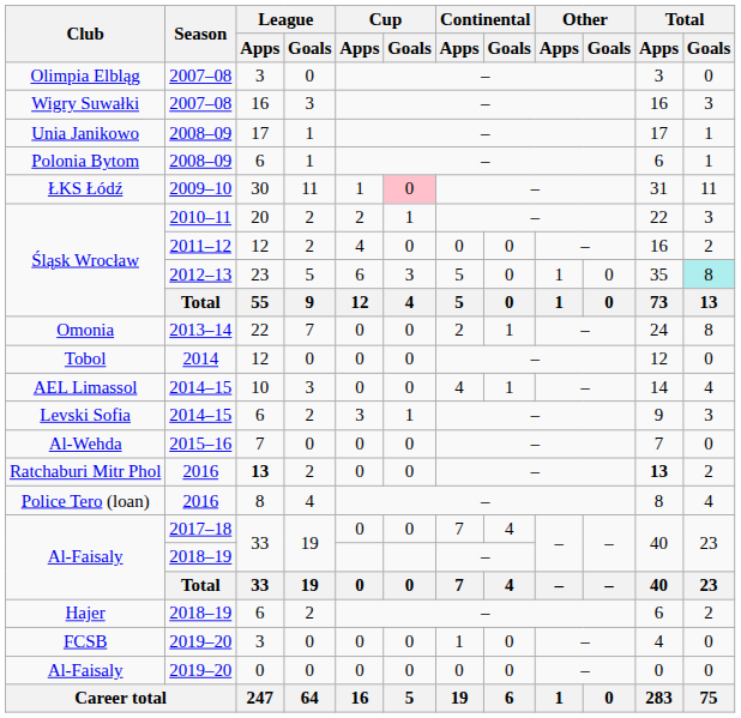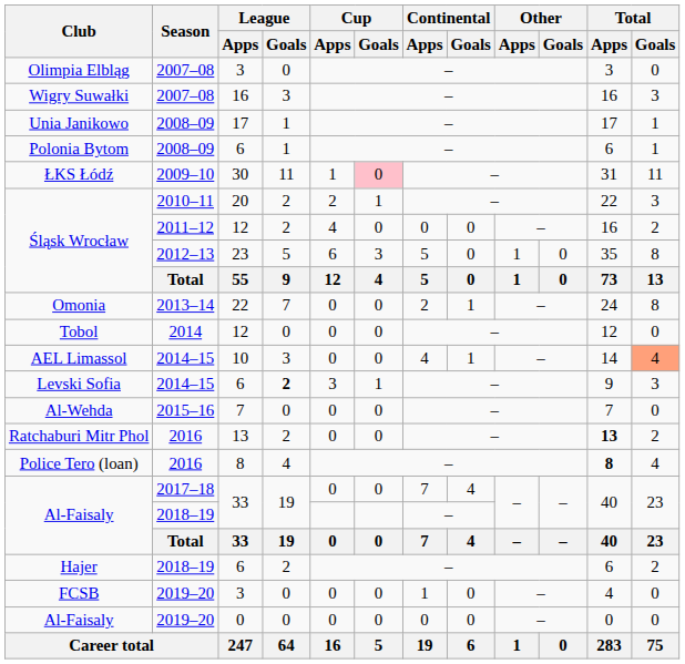 <table class="wikitable" style="text-align:center">
 <tr>
 <th rowspan="2">Club</th>
 <th rowspan="2">Season</th>
 <th colspan="2">League</th>
 <th colspan="2">Cup</th>
 <th colspan="2">Continental</th>
 <th colspan="2">Other</th>
 <th colspan="3">Total</th>
 </tr>
 <tr>
 <th>Apps</th>
 <th>Goals</th>
 <th>Apps</th>
 <th>Goals</th>
 <th>Apps</th>
 <th>Goals</th>
 <th>Apps</th>
 <th>Goals</th>
 <th>Apps</th>
 <th>Goals</th>
 </tr>
 <tr>
 <td rowspan="1"><a href='#'>Olimpia Elbląg</a></td>
 <td><a href='#'>2007–08</a></td>
 <td>3</td>
 <td>0</td>
 <td colspan="6">–</td>
 <td>3</td>
 <td>0</td>
 </tr>
 <tr>
 <td rowspan="1"><a href='#'>Wigry Suwałki</a></td>
 <td><a href='#'>2007–08</a></td>
 <td>16</td>
 <td>3</td>
 <td colspan="6">–</td>
 <td>16</td>
 <td>3</td>
 </tr>
 <tr>
 <td rowspan="1"><a href='#'>Unia Janikowo</a></td>
 <td><a href='#'>2008–09</a></td>
 <td>17</td>
 <td>1</td>
 <td colspan="6">–</td>
 <td>17</td>
 <td>1</td>
 </tr>
 <tr>
 <td rowspan="1"><a href='#'>Polonia Bytom</a></td>
 <td><a href='#'>2008–09</a></td>
 <td>6</td>
 <td>1</td>
 <td colspan="6">–</td>
 <td>6</td>
 <td>1</td>
 </tr>
 <tr>
 <td rowspan="1"><a href='#'>ŁKS Łódź</a></td>
 <td><a href='#'>2009–10</a></td>
 <td>30</td>
 <td>11</td>
 <td>1</td>
 <td style="background: pink;">0</td>
 <td colspan="4">–</td>
 <td>31</td>
 <td>11</td>
 </tr>
 <tr>
 <td rowspan="4"><a href='#'>Śląsk Wrocław</a></td>
 <td><a href='#'>2010–11</a></td>
 <td>20</td>
 <td>2</td>
 <td>2</td>
 <td>1</td>
 <td colspan="4">–</td>
 <td>22</td>
 <td>3</td>
 </tr>
 <tr>
 <td><a href='#'>2011–12</a></td>
 <td>12</td>
 <td>2</td>
 <td>4</td>
 <td>0</td>
 <td>0</td>
 <td>0</td>
 <td colspan="2">–</td>
 <td>16</td>
 <td>2</td>
 </tr>
 <tr>
 <td><a href='#'>2012–13</a></td>
 <td>23</td>
 <td>5</td>
 <td>6</td>
 <td>3</td>
 <td>5</td>
 <td>0</td>
 <td>1</td>
 <td>0</td>
 <td>35</td>
-<td style="background: paleturquoise;">8</td>
+<td>8</td>
 </tr>
 <tr>
 <th>Total</th>
 <th>55</th>
 <th>9</th>
 <th>12</th>
 <th>4</th>
 <th>5</th>
 <th>0</th>
 <th>1</th>
 <th>0</th>
 <th>73</th>
 <th>13</th>
 </tr>
 <tr>
 <td rowspan="1"><a href='#'>Omonia</a></td>
 <td><a href='#'>2013–14</a></td>
 <td>22</td>
 <td>7</td>
 <td>0</td>
 <td>0</td>
 <td>2</td>
 <td>1</td>
 <td colspan="2">–</td>
 <td>24</td>
 <td>8</td>
 </tr>
 <tr>
 <td rowspan="1"><a href='#'>Tobol</a></td>
 <td><a href='#'>2014</a></td>
 <td>12</td>
 <td>0</td>
 <td>0</td>
 <td>0</td>
 <td colspan="4">–</td>
 <td>12</td>
 <td>0</td>
 </tr>
 <tr>
 <td rowspan="1"><a href='#'>AEL Limassol</a></td>
 <td><a href='#'>2014–15</a></td>
 <td>10</td>
 <td>3</td>
 <td>0</td>
 <td>0</td>
 <td>4</td>
 <td>1</td>
 <td colspan="2">–</td>
 <td>14</td>
-<td>4</td>
+<td style="background: lightsalmon;">4</td>
 </tr>
 <tr>
 <td rowspan="1"><a href='#'>Levski Sofia</a></td>
 <td><a href='#'>2014–15</a></td>
 <td>6</td>
-<td>2</td>
+<td><strong>2</strong></td>
 <td>3</td>
 <td>1</td>
 <td colspan="4">–</td>
 <td>9</td>
 <td>3</td>
 </tr>
 <tr>
 <td rowspan="1"><a href='#'>Al-Wehda</a></td>
 <td><a href='#'>2015–16</a></td>
 <td>7</td>
 <td>0</td>
 <td>0</td>
 <td>0</td>
 <td colspan="4">–</td>
 <td>7</td>
 <td>0</td>
 </tr>
 <tr>
 <td rowspan="1"><a href='#'>Ratchaburi Mitr Phol</a></td>
 <td><a href='#'>2016</a></td>
-<td><strong>13</strong></td>
+<td>13</td>
 <td>2</td>
 <td>0</td>
 <td>0</td>
 <td colspan="4">–</td>
 <td><strong>13</strong></td>
 <td>2</td>
 </tr>
 <tr>
 <td rowspan="1"><a href='#'>Police Tero</a> (loan)</td>
 <td><a href='#'>2016</a></td>
 <td>8</td>
 <td>4</td>
 <td colspan="6">–</td>
-<td>8</td>
+<td><strong>8</strong></td>
 <td>4</td>
 </tr>
 <tr>
 <td rowspan="3"><a href='#'>Al-Faisaly</a></td>
 <td><a href='#'>2017–18</a></td>
 <td rowspan="2">33</td>
 <td rowspan="2">19</td>
 <td>0</td>
 <td>0</td>
 <td>7</td>
 <td>4</td>
 <td rowspan="2">–</td>
 <td rowspan="2">–</td>
 <td rowspan="2">40</td>
 <td rowspan="2">23</td>
 </tr>
 <tr>
 <td><a href='#'>2018–19</a></td>
 <td></td>
 <td></td>
 <td colspan="2">–</td>
 </tr>
 <tr>
 <th>Total</th>
 <th>33</th>
 <th>19</th>
 <th>0</th>
 <th>0</th>
 <th>7</th>
 <th>4</th>
 <th>–</th>
 <th>–</th>
 <th>40</th>
 <th>23</th>
 </tr>
 <tr>
 <td rowspan="1"><a href='#'>Hajer</a></td>
 <td><a href='#'>2018–19</a></td>
 <td>6</td>
 <td>2</td>
 <td colspan="6">–</td>
 <td>6</td>
 <td>2</td>
 </tr>
 <tr>
 <td rowspan="1"><a href='#'>FCSB</a></td>
 <td><a href='#'>2019–20</a></td>
 <td>3</td>
 <td>0</td>
 <td>0</td>
 <td>0</td>
 <td>1</td>
 <td>0</td>
 <td colspan="2">–</td>
 <td>4</td>
 <td>0</td>
 </tr>
 <tr>
 <td rowspan="1"><a href='#'>Al-Faisaly</a></td>
 <td><a href='#'>2019–20</a></td>
 <td>0</td>
 <td>0</td>
 <td>0</td>
 <td>0</td>
 <td>0</td>
 <td>0</td>
 <td colspan="2">–</td>
 <td>0</td>
 <td>0</td>
 </tr>
 <tr>
 <th colspan="2">Career total</th>
 <th>247</th>
 <th>64</th>
 <th>16</th>
 <th>5</th>
 <th>19</th>
 <th>6</th>
 <th>1</th>
 <th>0</th>
 <th>283</th>
 <th>75</th>
 </tr>
 </table>
